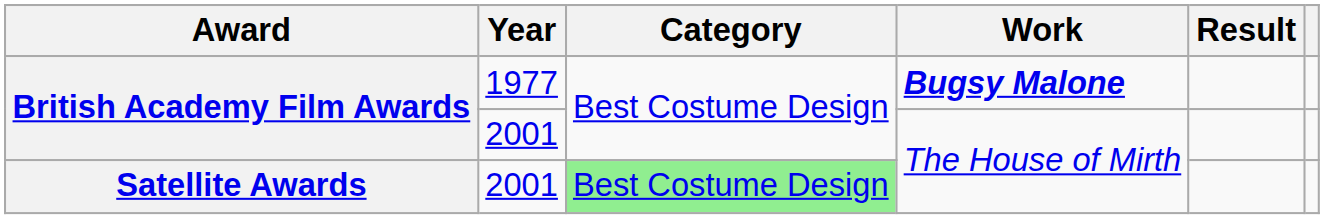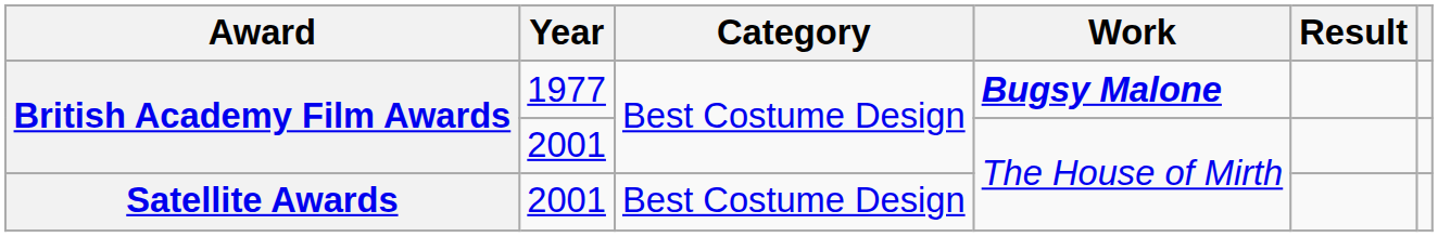 <table class="wikitable">
 <tr>
 <th>Award</th>
 <th>Year</th>
 <th>Category</th>
 <th>Work</th>
 <th>Result</th>
 <th class="unsortable"></th>
 </tr>
 <tr>
 <th rowspan="2" scope="row" style="text-align:center;"><a href='#'>British Academy Film Awards</a></th>
 <td style="text-align:center;"><a href='#'>1977</a></td>
 <td rowspan="2"><a href='#'>Best Costume Design</a></td>
 <td><strong><em><a href='#'>Bugsy Malone</a></em></strong></td>
 <td></td>
 <td style="text-align:center;"></td>
 </tr>
 <tr>
 <td style="text-align:center;"><a href='#'>2001</a></td>
 <td rowspan="2"><em><a href='#'>The House of Mirth</a></em></td>
 <td></td>
 <td style="text-align:center;"></td>
 </tr>
 <tr>
 <th scope="row" style="text-align:center;"><a href='#'>Satellite Awards</a></th>
 <td style="text-align:center;"><a href='#'>2001</a></td>
-<td style="background: lightgreen;"><a href='#'>Best Costume Design</a></td>
+<td><a href='#'>Best Costume Design</a></td>
 <td></td>
 <td style="text-align:center;"></td>
 </tr>
 </table>
